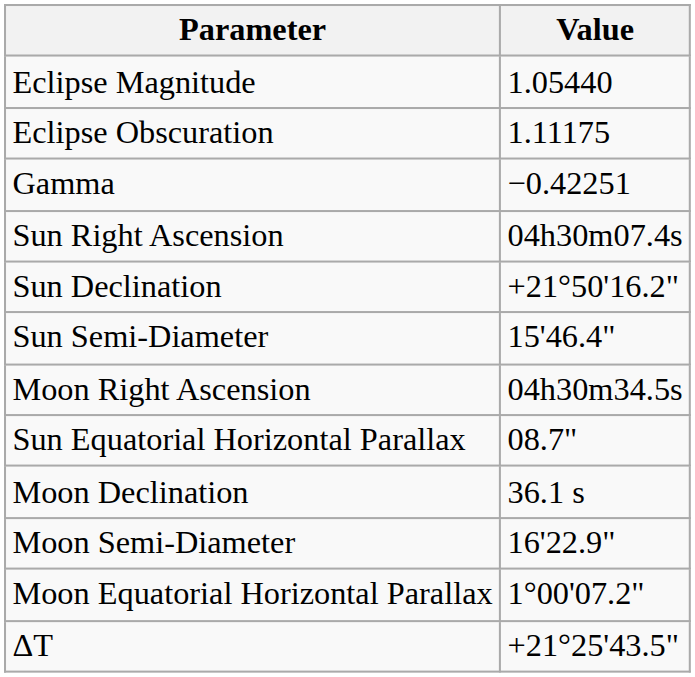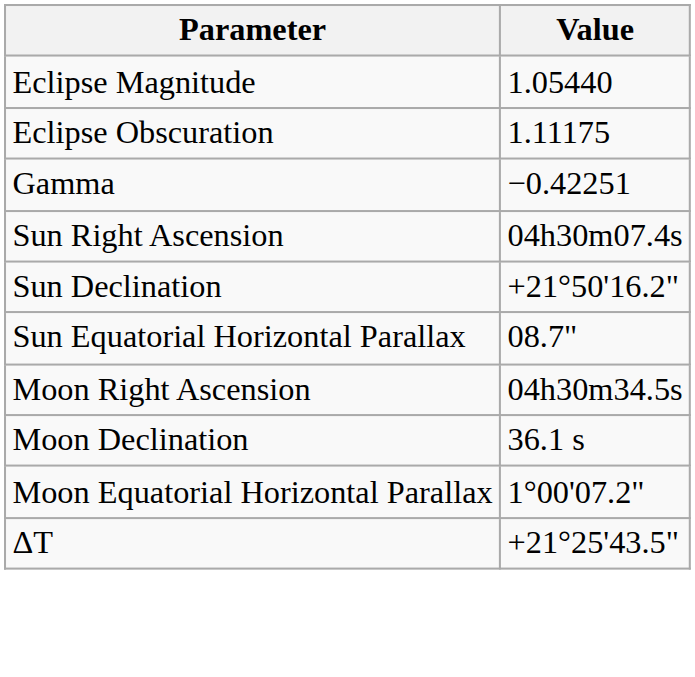 <table class="wikitable">
 <tr>
 <th>Parameter</th>
 <th>Value</th>
 </tr>
 <tr>
 <td>Eclipse Magnitude</td>
 <td>1.05440</td>
 </tr>
 <tr>
 <td>Eclipse Obscuration</td>
 <td>1.11175</td>
 </tr>
 <tr>
 <td>Gamma</td>
 <td>−0.42251</td>
 </tr>
 <tr>
 <td>Sun Right Ascension</td>
 <td>04h30m07.4s</td>
 </tr>
 <tr>
 <td>Sun Declination</td>
 <td>+21°50'16.2"</td>
 </tr>
 <tr>
-<td>Sun Semi-Diameter</td>
-<td>15'46.4"</td>
+<td>Sun Equatorial Horizontal Parallax</td>
+<td>08.7"</td>
 </tr>
 <tr>
 <td>Moon Right Ascension</td>
 <td>04h30m34.5s</td>
 </tr>
 <tr>
-<td>Sun Equatorial Horizontal Parallax</td>
-<td>08.7"</td>
-</tr>
-<tr>
 <td>Moon Declination</td>
 <td>36.1 s</td>
-</tr>
-<tr>
-<td>Moon Semi-Diameter</td>
-<td>16'22.9"</td>
 </tr>
 <tr>
 <td>Moon Equatorial Horizontal Parallax</td>
 <td>1°00'07.2"</td>
 </tr>
 <tr>
 <td>ΔT</td>
 <td>+21°25'43.5"</td>
 </tr>
 </table>
